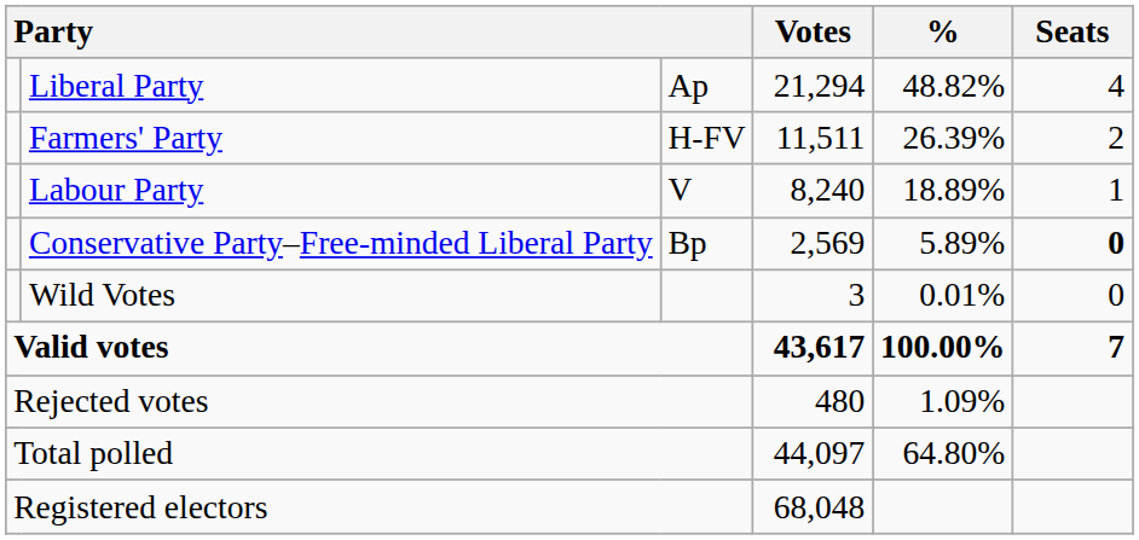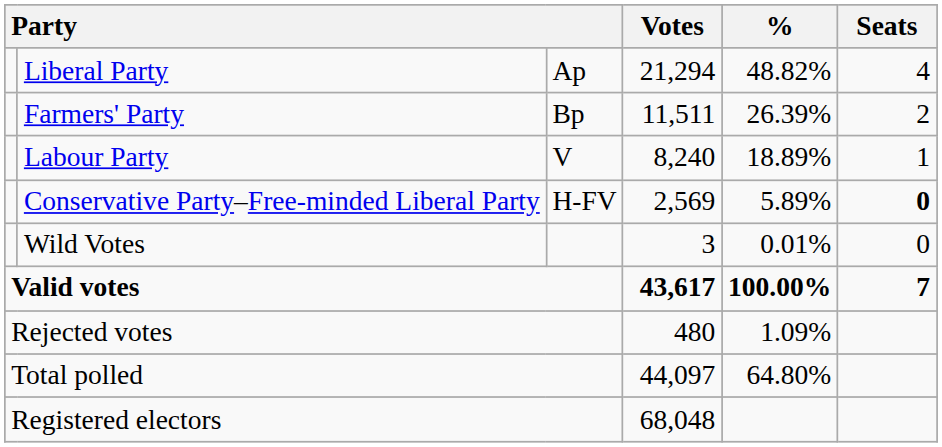 <table class="wikitable" border="1" style="text-align:right;">
 <tr>
 <th style="text-align:left;" colspan=3>Party</th>
 <th align=center width="50">Votes</th>
 <th align=center width="50">%</th>
 <th align=center width="50">Seats</th>
 </tr>
 <tr>
 <td style="color:inherit;background:"></td>
 <td align=left><a href='#'>Liberal Party</a></td>
 <td align=left>Ap</td>
 <td>21,294</td>
 <td>48.82%</td>
 <td>4</td>
 </tr>
 <tr>
 <td style="color:inherit;background:"></td>
 <td align=left><a href='#'>Farmers' Party</a></td>
-<td align=left>H-FV</td>
+<td align=left>Bp</td>
 <td>11,511</td>
 <td>26.39%</td>
 <td>2</td>
 </tr>
 <tr>
 <td style="color:inherit;background:"></td>
 <td align=left><a href='#'>Labour Party</a></td>
 <td align=left>V</td>
 <td>8,240</td>
 <td>18.89%</td>
 <td>1</td>
 </tr>
 <tr>
 <td></td>
 <td align=left><a href='#'>Conservative Party</a>–<a href='#'>Free-minded Liberal Party</a></td>
-<td align=left>Bp</td>
+<td align=left>H-FV</td>
 <td>2,569</td>
 <td>5.89%</td>
 <td><strong>0</strong></td>
 </tr>
 <tr>
 <td></td>
 <td align=left>Wild Votes</td>
 <td align=left></td>
 <td>3</td>
 <td>0.01%</td>
 <td>0</td>
 </tr>
 <tr style="font-weight:bold">
 <td align=left colspan=3>Valid votes</td>
 <td>43,617</td>
 <td>100.00%</td>
 <td>7</td>
 </tr>
 <tr>
 <td align=left colspan=3>Rejected votes</td>
 <td>480</td>
 <td>1.09%</td>
 <td></td>
 </tr>
 <tr>
 <td align=left colspan=3>Total polled</td>
 <td>44,097</td>
 <td>64.80%</td>
 <td></td>
 </tr>
 <tr>
 <td align=left colspan=3>Registered electors</td>
 <td>68,048</td>
 <td></td>
 <td></td>
 </tr>
 </table>
